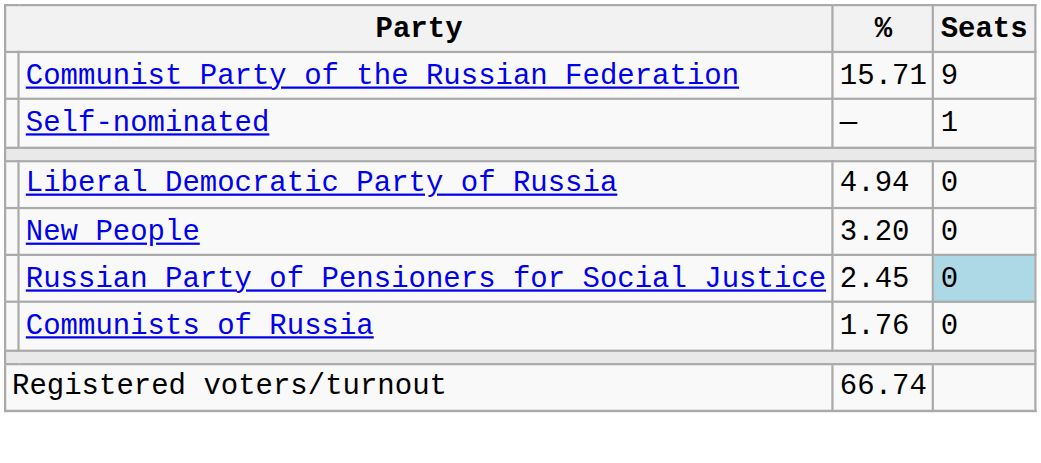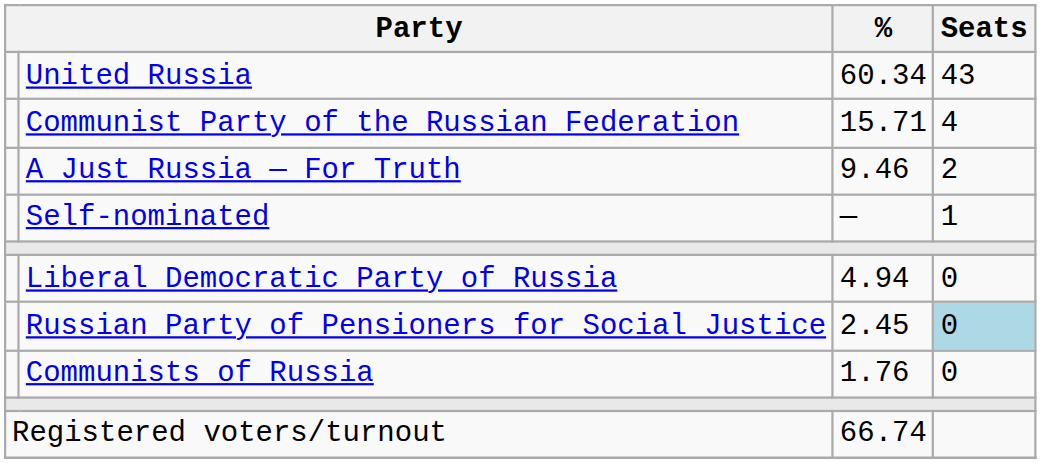 <table class="wikitable">
 <tr>
 <th colspan=2>Party</th>
 <th>%</th>
 <th>Seats</th>
 </tr>
 <tr>
 <td style="background:"></td>
+<td><a href='#'>United Russia</a></td>
+<td>60.34</td>
+<td>43</td>
+</tr>
+<tr>
+<td style="background:"></td>
 <td><a href='#'>Communist Party of the Russian Federation</a></td>
 <td>15.71</td>
-<td>9</td>
+<td>4</td>
+</tr>
+<tr>
+<td style="background:"></td>
+<td><a href='#'>A Just Russia — For Truth</a></td>
+<td>9.46</td>
+<td>2</td>
 </tr>
 <tr>
 <td style="background:"></td>
 <td><a href='#'>Self-nominated</a></td>
 <td>—</td>
 <td>1</td>
 </tr>
 <tr>
 <td colspan=4 style="background:#E9E9E9;"></td>
 </tr>
 <tr>
 <td style="background:"></td>
 <td><a href='#'>Liberal Democratic Party of Russia</a></td>
 <td>4.94</td>
-<td>0</td>
-</tr>
-<tr>
-<td style="background:"></td>
-<td><a href='#'>New People</a></td>
-<td>3.20</td>
 <td>0</td>
 </tr>
 <tr>
 <td style="background:"></td>
 <td><a href='#'>Russian Party of Pensioners for Social Justice</a></td>
 <td>2.45</td>
 <td style="background: lightblue;">0</td>
 </tr>
 <tr>
 <td style="background:"></td>
 <td><a href='#'>Communists of Russia</a></td>
 <td>1.76</td>
 <td>0</td>
 </tr>
 <tr>
 <td colspan=4 style="background:#E9E9E9;"></td>
 </tr>
 <tr>
 <td align=left colspan=2>Registered voters/turnout</td>
 <td>66.74</td>
 <td></td>
 </tr>
 <tr>
 </tr>
 </table>
